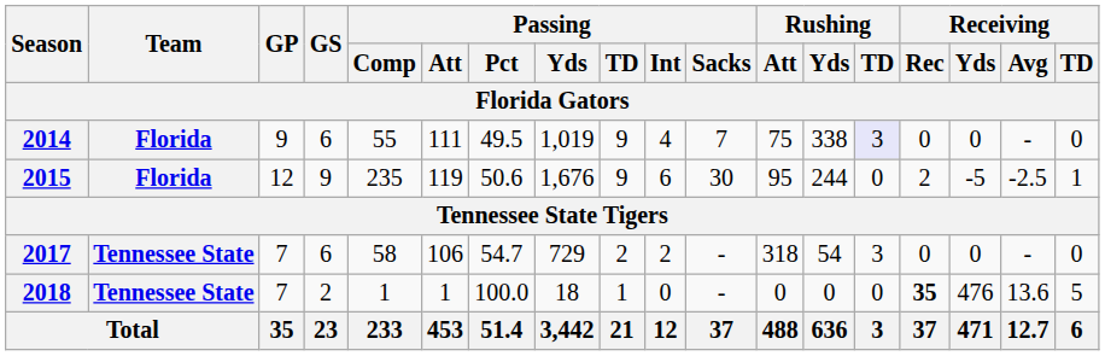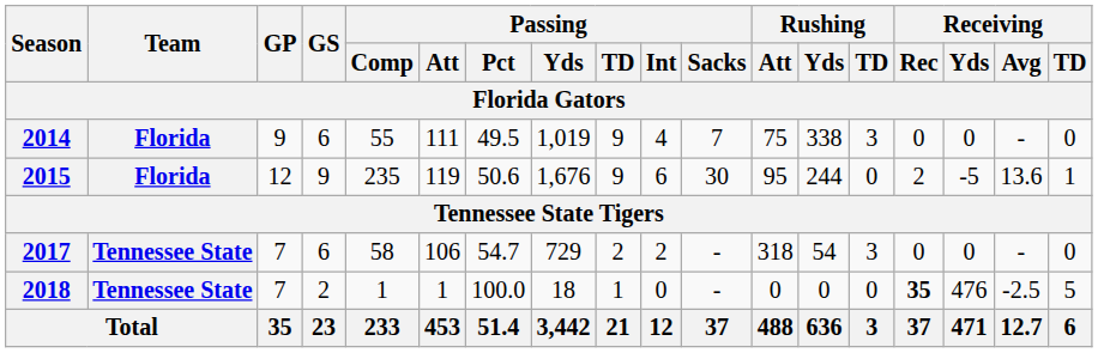 <table class=wikitable style="text-align:center;">
 <tr>
 <th rowspan=2>Season</th>
 <th rowspan=2>Team</th>
 <th rowspan=2>GP</th>
 <th rowspan=2>GS</th>
 <th colspan=7>Passing</th>
 <th colspan=3>Rushing</th>
 <th colspan=4>Receiving</th>
 </tr>
 <tr>
 <th>Comp</th>
 <th>Att</th>
 <th>Pct</th>
 <th>Yds</th>
 <th>TD</th>
 <th>Int</th>
 <th>Sacks</th>
 <th>Att</th>
 <th>Yds</th>
 <th>TD</th>
 <th>Rec</th>
 <th>Yds</th>
 <th>Avg</th>
 <th>TD</th>
 </tr>
 <tr>
 <th colspan="22">Florida Gators</th>
 </tr>
 <tr>
 <th><a href='#'>2014</a></th>
 <th><a href='#'>Florida</a></th>
 <td>9</td>
 <td>6</td>
 <td>55</td>
 <td>111</td>
 <td>49.5</td>
 <td>1,019</td>
 <td>9</td>
 <td>4</td>
 <td>7</td>
 <td>75</td>
 <td>338</td>
-<td style="background: lavender;">3</td>
+<td>3</td>
 <td>0</td>
 <td>0</td>
 <td>-</td>
 <td>0</td>
 </tr>
 <tr>
 <th><a href='#'>2015</a></th>
 <th><a href='#'>Florida</a></th>
 <td>12</td>
 <td>9</td>
 <td>235</td>
 <td>119</td>
 <td>50.6</td>
 <td>1,676</td>
 <td>9</td>
 <td>6</td>
 <td>30</td>
 <td>95</td>
 <td>244</td>
 <td>0</td>
 <td>2</td>
 <td>-5</td>
-<td>-2.5</td>
+<td>13.6</td>
 <td>1</td>
 </tr>
 <tr>
 <th colspan="22">Tennessee State Tigers</th>
 </tr>
 <tr>
 <th><a href='#'>2017</a></th>
 <th><a href='#'>Tennessee State</a></th>
 <td>7</td>
 <td>6</td>
 <td>58</td>
 <td>106</td>
 <td>54.7</td>
 <td>729</td>
 <td>2</td>
 <td>2</td>
 <td>-</td>
 <td>318</td>
 <td>54</td>
 <td>3</td>
 <td>0</td>
 <td>0</td>
 <td>-</td>
 <td>0</td>
 </tr>
 <tr>
 <th><a href='#'>2018</a></th>
 <th><a href='#'>Tennessee State</a></th>
 <td>7</td>
 <td>2</td>
 <td>1</td>
 <td>1</td>
 <td>100.0</td>
 <td>18</td>
 <td>1</td>
 <td>0</td>
 <td>-</td>
 <td>0</td>
 <td>0</td>
 <td>0</td>
 <td><strong>35</strong></td>
 <td>476</td>
-<td>13.6</td>
+<td>-2.5</td>
 <td>5</td>
 </tr>
 <tr>
 <th colspan=2>Total</th>
 <th>35</th>
 <th>23</th>
 <th>233</th>
 <th>453</th>
 <th>51.4</th>
 <th>3,442</th>
 <th>21</th>
 <th>12</th>
 <th>37</th>
 <th>488</th>
 <th>636</th>
 <th>3</th>
 <th>37</th>
 <th>471</th>
 <th>12.7</th>
 <th>6</th>
 </tr>
 </table>
